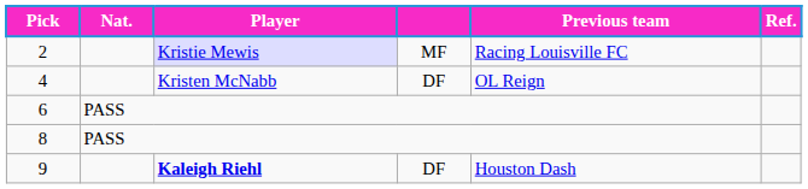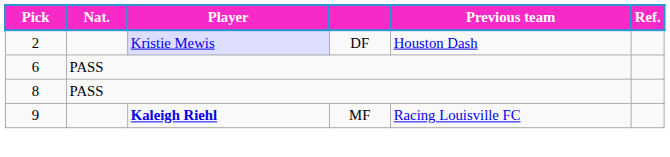 <table class="wikitable" style="text-align:left; font-size:95%;">
 <tr>
 <th style="background:#f72ac7; color:white; border:2px solid #2597d9; width:55px;">Pick</th>
 <th style="background:#f72ac7; color:white; border:2px solid #2597d9; width:55px;">Nat.</th>
 <th style="background:#f72ac7; color:white; border:2px solid #2597d9; width:200px;">Player</th>
 <th style="background:#f72ac7; color:white; border:2px solid #2597d9; width:55px;"></th>
 <th style="background:#f72ac7; color:white; border:2px solid #2597d9; width:240px;">Previous team</th>
 <th style="background:#f72ac7; color:white; border:2px solid #2597d9;">Ref.</th>
 </tr>
 <tr>
 <td style="text-align: center;">2</td>
 <td align="center"></td>
 <td style="background:#ddf;"><a href='#'>Kristie Mewis</a></td>
-<td style="text-align: center;">MF</td>
-<td><a href='#'>Racing Louisville FC</a></td>
-<td></td>
-</tr>
-<tr>
-<td style="text-align: center;">4</td>
-<td align="center"></td>
-<td><a href='#'>Kristen McNabb</a></td>
 <td style="text-align: center;">DF</td>
-<td><a href='#'>OL Reign</a></td>
+<td><a href='#'>Houston Dash</a></td>
 <td></td>
 </tr>
 <tr>
 <td style="text-align: center;">6</td>
 <td colspan="4">PASS</td>
 <td></td>
 </tr>
 <tr>
 <td style="text-align: center;">8</td>
 <td colspan="4">PASS</td>
 <td></td>
 </tr>
 <tr>
 <td style="text-align: center;">9</td>
 <td align="center"></td>
 <td><strong><a href='#'>Kaleigh Riehl</a></strong></td>
-<td style="text-align: center;">DF</td>
-<td><a href='#'>Houston Dash</a></td>
+<td style="text-align: center;">MF</td>
+<td><a href='#'>Racing Louisville FC</a></td>
 <td></td>
 </tr>
 </table>
